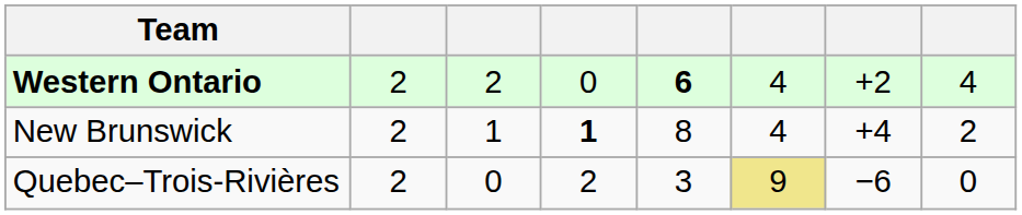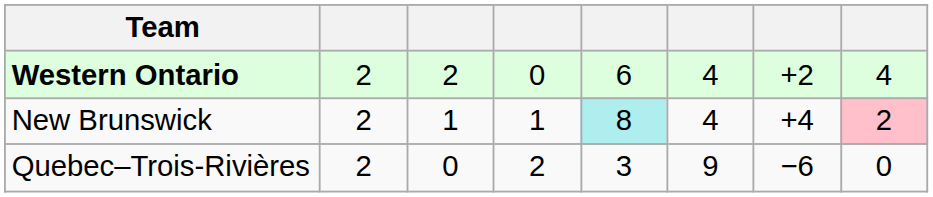 <table class="wikitable" style="text-align:center;">
 <tr>
 <th width=165>Team</th>
 <th width=40></th>
 <th width=40></th>
 <th width=40></th>
 <th width=40></th>
 <th width=40></th>
 <th width=40></th>
 <th width=40></th>
 </tr>
 <tr style="background:#ddffdd">
 <td style="text-align:left;"><strong>Western Ontario</strong></td>
 <td>2</td>
 <td>2</td>
 <td>0</td>
-<td><strong>6</strong></td>
+<td>6</td>
 <td>4</td>
 <td>+2</td>
 <td>4</td>
 </tr>
 <tr>
 <td style="text-align:left;">New Brunswick</td>
 <td>2</td>
 <td>1</td>
-<td><strong>1</strong></td>
-<td>8</td>
+<td>1</td>
+<td style="background: paleturquoise;">8</td>
 <td>4</td>
 <td>+4</td>
-<td>2</td>
+<td style="background: pink;">2</td>
 </tr>
 <tr>
 <td style="text-align:left;">Quebec–Trois-Rivières</td>
 <td>2</td>
 <td>0</td>
 <td>2</td>
 <td>3</td>
-<td style="background: khaki;">9</td>
+<td>9</td>
 <td>−6</td>
 <td>0</td>
 </tr>
 </table>
